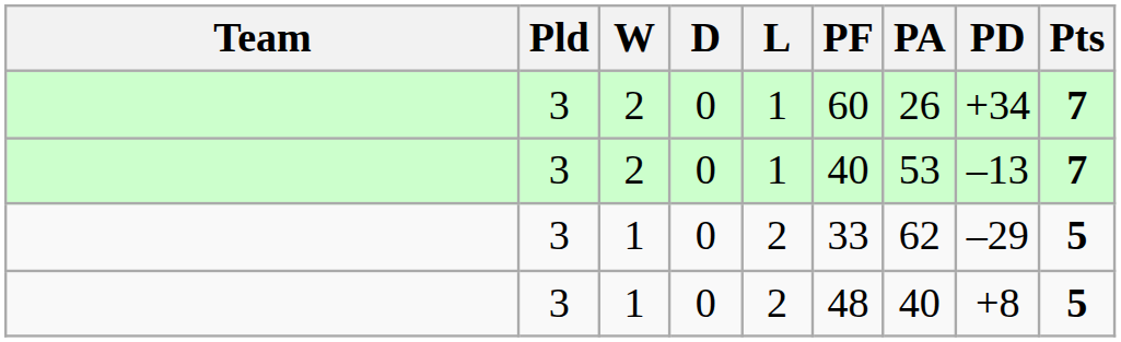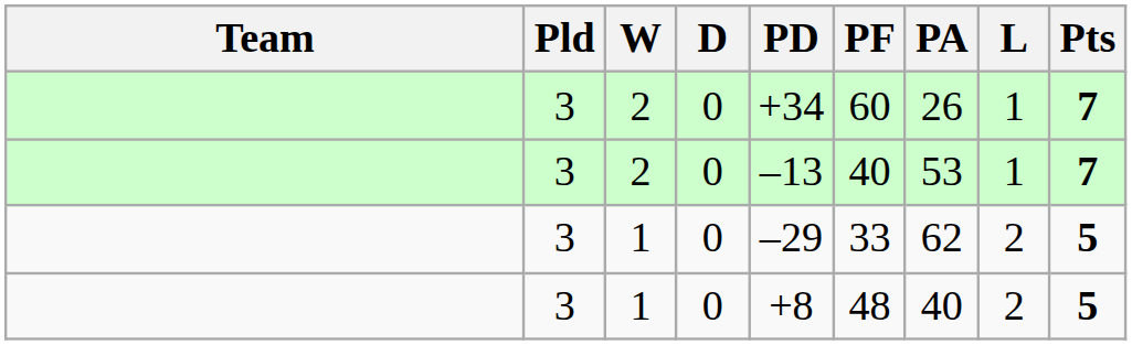 <table class="wikitable" style="text-align:center;">
 <tr>
 <th width=190>Team</th>
 <th width=20 abbr="Played">Pld</th>
 <th width=20 abbr="Won">W</th>
 <th width=20 abbr="Drawn">D</th>
-<th width=20 abbr="Lost">L</th>
+<th width=25 abbr="Points difference">PD</th>
 <th width=20 abbr="Points for">PF</th>
 <th width=20 abbr="Points against">PA</th>
-<th width=25 abbr="Points difference">PD</th>
+<th width=20 abbr="Lost">L</th>
 <th width=20 abbr="Points">Pts</th>
 </tr>
 <tr style="background:#ccffcc">
 <td align=left></td>
 <td>3</td>
 <td>2</td>
 <td>0</td>
-<td>1</td>
+<td>+34</td>
 <td>60</td>
 <td>26</td>
-<td>+34</td>
+<td>1</td>
 <td><strong>7</strong></td>
 </tr>
 <tr style="background:#ccffcc">
 <td align=left></td>
 <td>3</td>
 <td>2</td>
 <td>0</td>
-<td>1</td>
+<td>–13</td>
 <td>40</td>
 <td>53</td>
-<td>–13</td>
+<td>1</td>
 <td><strong>7</strong></td>
 </tr>
 <tr>
 <td align=left></td>
 <td>3</td>
 <td>1</td>
 <td>0</td>
-<td>2</td>
+<td>–29</td>
 <td>33</td>
 <td>62</td>
-<td>–29</td>
+<td>2</td>
 <td><strong>5</strong></td>
 </tr>
 <tr>
 <td align=left></td>
 <td>3</td>
 <td>1</td>
 <td>0</td>
-<td>2</td>
+<td>+8</td>
 <td>48</td>
 <td>40</td>
-<td>+8</td>
+<td>2</td>
 <td><strong>5</strong></td>
 </tr>
 </table>
